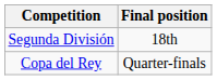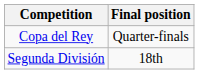 <table class="wikitable" style="font-size:100%; text-align:center">
 <tr>
 <th>Competition</th>
 <th>Final position</th>
 </tr>
 <tr style="background:">
+<td><a href='#'>Copa del Rey</a></td>
+<td>Quarter-finals</td>
+</tr>
+<tr style="background:">
 <td><a href='#'>Segunda División</a></td>
 <td>18th</td>
 </tr>
-<tr style="background:">
-<td><a href='#'>Copa del Rey</a></td>
-<td>Quarter-finals</td>
-</tr>
 </table>
